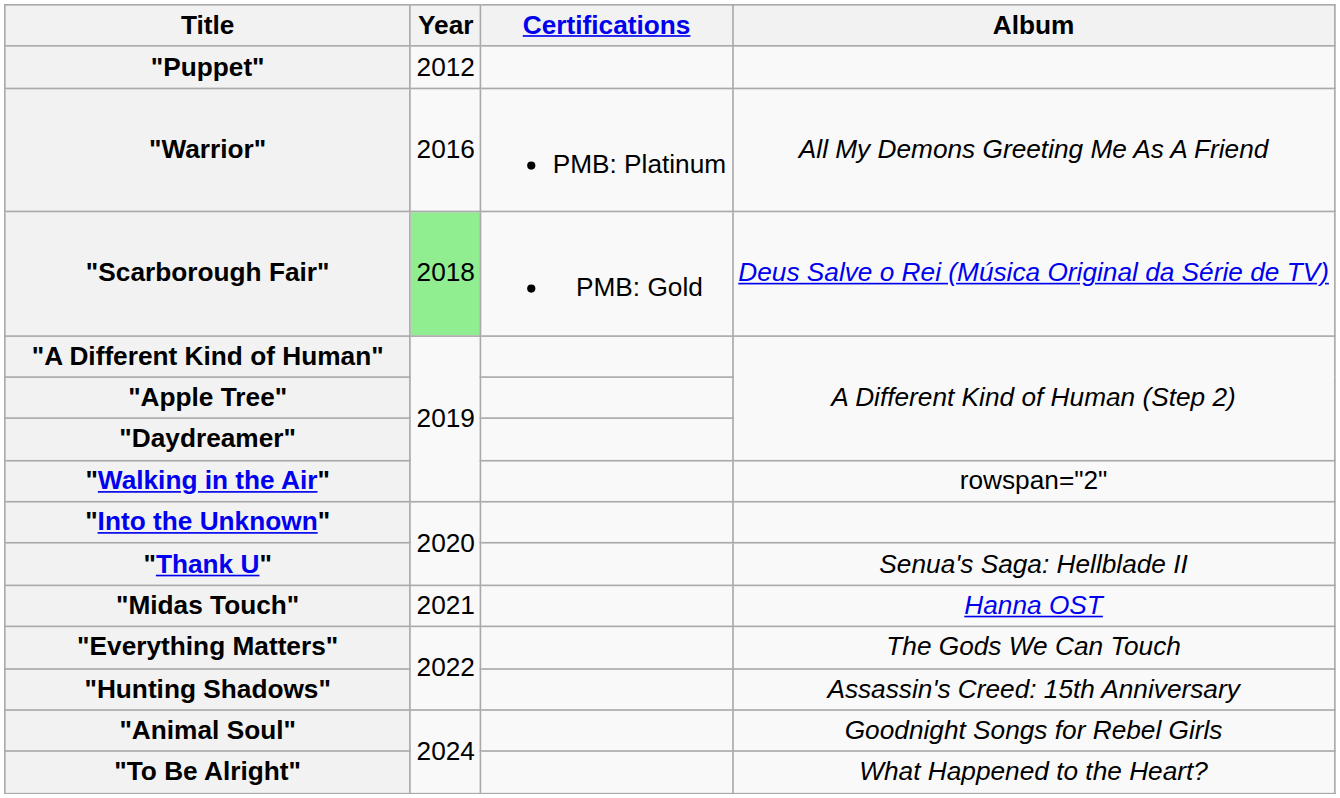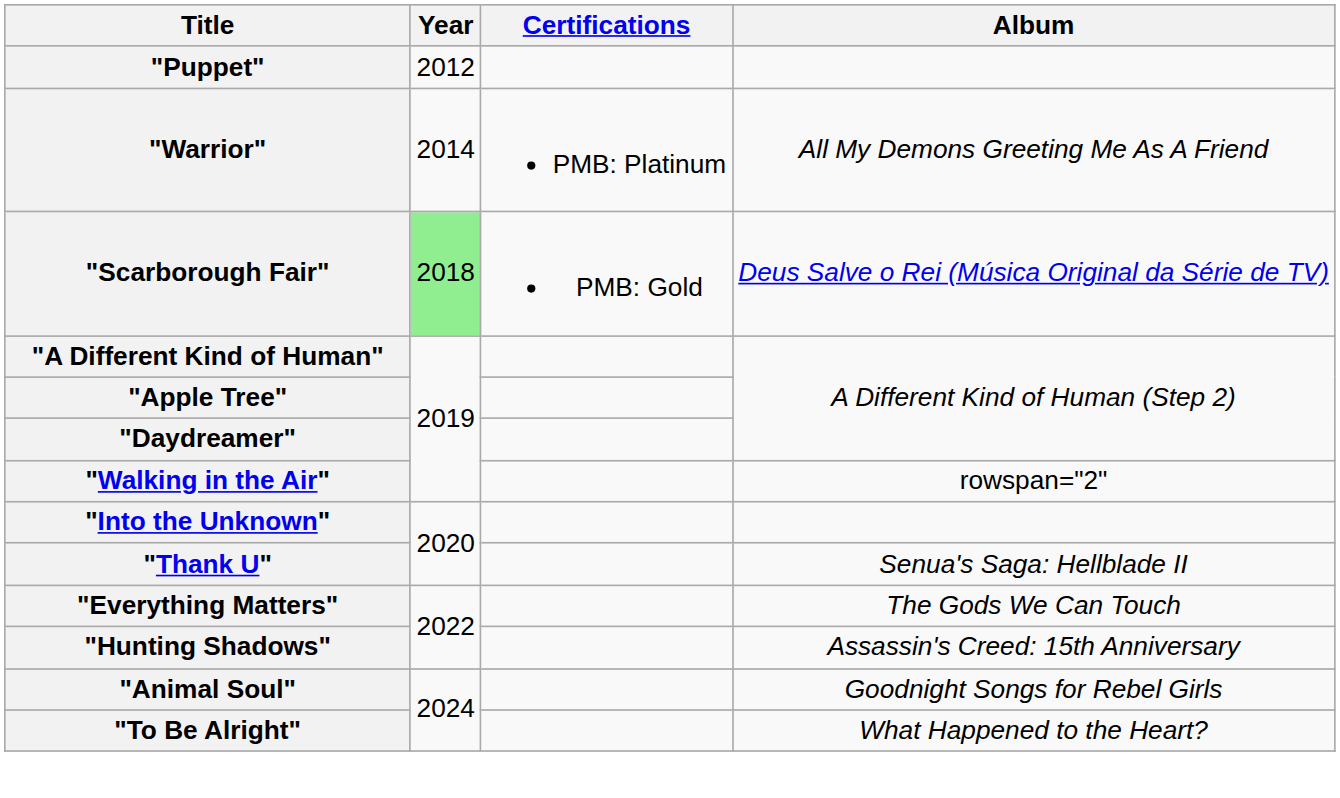 <table class="wikitable plainrowheaders" style="text-align:center;">
 <tr>
 <th scope="col" style="width:15em;">Title</th>
 <th scope="col" style="width:1em;">Year</th>
 <th scope="col"><a href='#'>Certifications</a></th>
 <th scope="col">Album</th>
 </tr>
 <tr>
 <th scope="row">"Puppet"</th>
 <td>2012</td>
 <td></td>
 <td></td>
 </tr>
 <tr>
 <th scope="row">"Warrior"</th>
-<td>2016</td>
+<td>2014</td>
 <td><br><ul><li>PMB: Platinum</li></ul></td>
 <td><em>All My Demons Greeting Me As A Friend</em></td>
 </tr>
 <tr>
 <th scope="row">"Scarborough Fair"</th>
 <td style="background: lightgreen;">2018</td>
 <td><br><ul><li>PMB: Gold</li></ul></td>
 <td><em><a href='#'>Deus Salve o Rei (Música Original da Série de TV)</a></em></td>
 </tr>
 <tr>
 <th scope="row">"A Different Kind of Human"</th>
 <td rowspan="4">2019</td>
 <td></td>
 <td rowspan="3"><em>A Different Kind of Human (Step 2)</em></td>
 </tr>
 <tr>
 <th scope="row">"Apple Tree"</th>
 <td></td>
 </tr>
 <tr>
 <th scope="row">"Daydreamer"</th>
 <td></td>
 </tr>
 <tr>
 <th scope="row">"<a href='#'>Walking in the Air</a>"</th>
 <td></td>
 <td>rowspan="2" </td>
 </tr>
 <tr>
 <th scope="row">"<a href='#'>Into the Unknown</a>"<br></th>
 <td rowspan="2">2020</td>
 <td></td>
 </tr>
 <tr>
 <th scope="row">"<a href='#'>Thank U</a>"</th>
 <td></td>
 <td><em>Senua's Saga: Hellblade II</em></td>
 </tr>
 <tr>
-<th scope="row">"Midas Touch"</th>
-<td>2021</td>
-<td></td>
-<td><em><a href='#'>Hanna OST</a></em></td>
-</tr>
-<tr>
 <th scope="row">"Everything Matters"<br></th>
 <td rowspan="2">2022</td>
 <td></td>
 <td><em>The Gods We Can Touch</em></td>
 </tr>
 <tr>
 <th scope="row">"Hunting Shadows"</th>
 <td></td>
 <td><em>Assassin's Creed: 15th Anniversary</em></td>
 </tr>
 <tr>
 <th scope="row">"Animal Soul"</th>
 <td rowspan="2">2024</td>
 <td></td>
 <td><em>Goodnight Songs for Rebel Girls</em></td>
 </tr>
 <tr>
 <th scope="row">"To Be Alright"</th>
 <td></td>
 <td><em>What Happened to the Heart?</em></td>
 </tr>
 </table>
